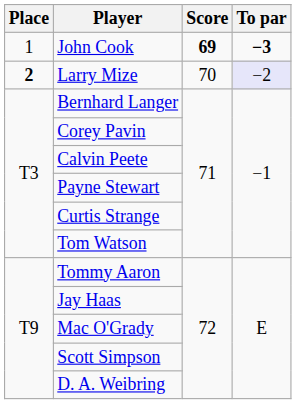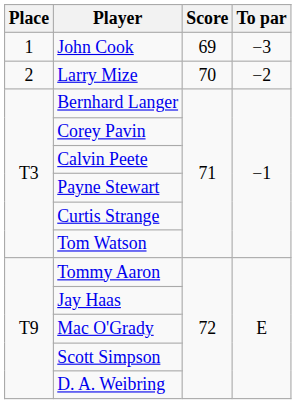 <table class="wikitable">
 <tr>
 <th>Place</th>
 <th>Player</th>
 <th>Score</th>
 <th>To par</th>
 </tr>
 <tr>
 <td align="center">1</td>
 <td> <a href='#'>John Cook</a></td>
-<td align="center"><strong>69</strong></td>
-<td align="center"><strong>−3</strong></td>
+<td align="center">69</td>
+<td align="center">−3</td>
 </tr>
 <tr>
-<td align="center"><strong>2</strong></td>
+<td align="center">2</td>
 <td> <a href='#'>Larry Mize</a></td>
 <td align="center">70</td>
-<td align="center" style="background: lavender;">−2</td>
+<td align="center">−2</td>
 </tr>
 <tr>
 <td rowspan=6 align="center">T3</td>
 <td> <a href='#'>Bernhard Langer</a></td>
 <td rowspan=6 align="center">71</td>
 <td rowspan=6 align="center">−1</td>
 </tr>
 <tr>
 <td> <a href='#'>Corey Pavin</a></td>
 </tr>
 <tr>
 <td> <a href='#'>Calvin Peete</a></td>
 </tr>
 <tr>
 <td> <a href='#'>Payne Stewart</a></td>
 </tr>
 <tr>
 <td> <a href='#'>Curtis Strange</a></td>
 </tr>
 <tr>
 <td> <a href='#'>Tom Watson</a></td>
 </tr>
 <tr>
 <td rowspan=5 align="center">T9</td>
 <td> <a href='#'>Tommy Aaron</a></td>
 <td rowspan=5 align="center">72</td>
 <td rowspan=5 align="center">E</td>
 </tr>
 <tr>
 <td> <a href='#'>Jay Haas</a></td>
 </tr>
 <tr>
 <td> <a href='#'>Mac O'Grady</a></td>
 </tr>
 <tr>
 <td> <a href='#'>Scott Simpson</a></td>
 </tr>
 <tr>
 <td> <a href='#'>D. A. Weibring</a></td>
 </tr>
 </table>
